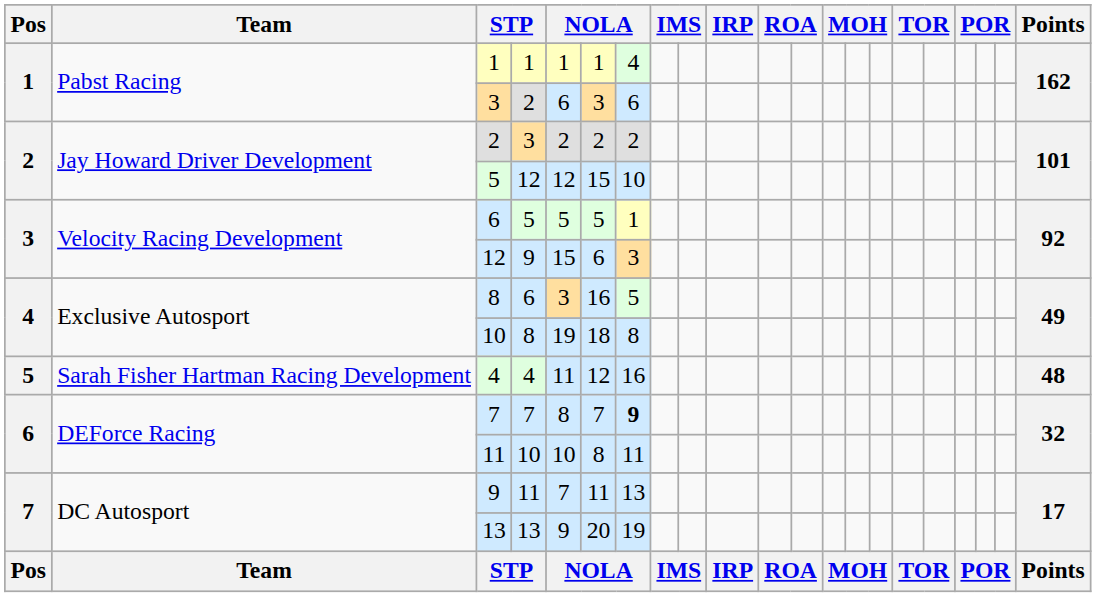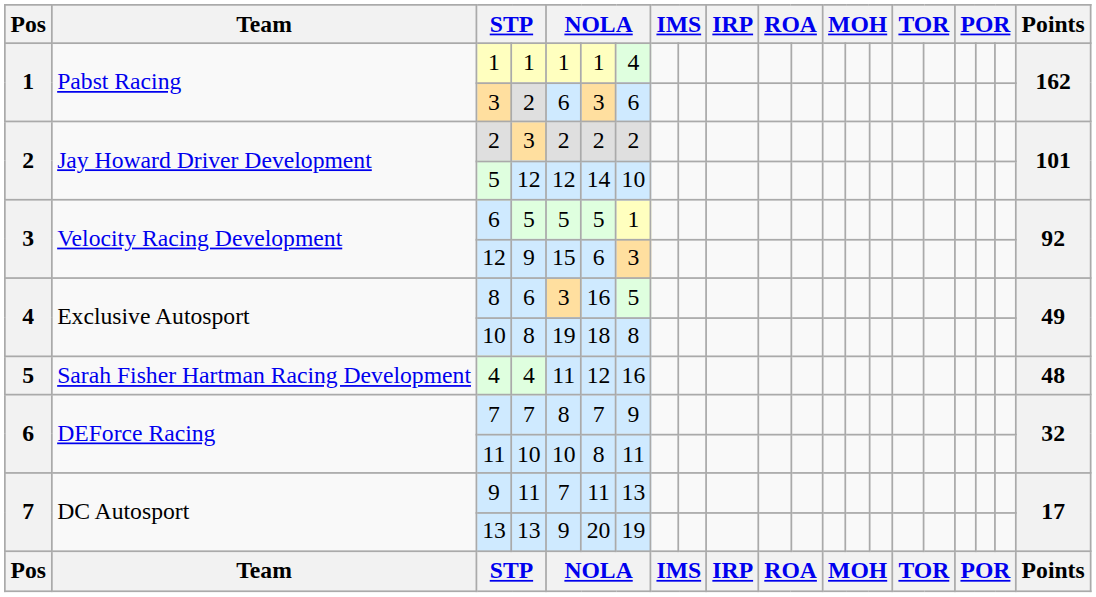 <table class="wikitable" style="font-size:85%; text-align:center">
 <tr>
 <th valign="middle">Pos</th>
 <th valign="middle">Team</th>
 <th colspan="2"><a href='#'>STP</a></th>
 <th colspan="3"><a href='#'>NOLA</a></th>
 <th colspan="2"><a href='#'>IMS</a></th>
 <th><a href='#'>IRP</a></th>
 <th colspan="2"><a href='#'>ROA</a></th>
 <th colspan="3"><a href='#'>MOH</a></th>
 <th colspan="2"><a href='#'>TOR</a></th>
 <th colspan="3"><a href='#'>POR</a></th>
 <th>Points</th>
 </tr>
 <tr>
 <th rowspan="2">1</th>
 <td rowspan="2" align="left"><a href='#'>Pabst Racing</a></td>
 <td style="background:#FFFFBF;">1</td>
 <td style="background:#FFFFBF;">1</td>
 <td style="background:#FFFFBF;">1</td>
 <td style="background:#FFFFBF;">1</td>
 <td style="background:#DFFFDF;">4</td>
 <td></td>
 <td></td>
 <td></td>
 <td></td>
 <td></td>
 <td></td>
 <td></td>
 <td></td>
 <td></td>
 <td></td>
 <td></td>
 <td></td>
 <td></td>
 <th rowspan="2">162</th>
 </tr>
 <tr>
 <td style="background:#FFDF9F;">3</td>
 <td style="background:#DFDFDF;">2</td>
 <td style="background:#CFEAFF;">6</td>
 <td style="background:#FFDF9F;">3</td>
 <td style="background:#CFEAFF;">6</td>
 <td></td>
 <td></td>
 <td></td>
 <td></td>
 <td></td>
 <td></td>
 <td></td>
 <td></td>
 <td></td>
 <td></td>
 <td></td>
 <td></td>
 <td></td>
 </tr>
 <tr>
 <th rowspan="2">2</th>
 <td rowspan="2" align="left"><a href='#'>Jay Howard Driver Development</a></td>
 <td style="background:#DFDFDF;">2</td>
 <td style="background:#FFDF9F;">3</td>
 <td style="background:#DFDFDF;'">2</td>
 <td style="background:#DFDFDF;'">2</td>
 <td style="background:#DFDFDF;'">2</td>
 <td></td>
 <td></td>
 <td></td>
 <td></td>
 <td></td>
 <td></td>
 <td></td>
 <td></td>
 <td></td>
 <td></td>
 <td></td>
 <td></td>
 <td></td>
 <th rowspan="2">101</th>
 </tr>
 <tr>
 <td style="background:#DFFFDF;">5</td>
 <td style="background:#CFEAFF;">12</td>
 <td style="background:#CFEAFF;">12</td>
-<td style="background:#CFEAFF;">15</td>
+<td style="background:#CFEAFF;">14</td>
 <td style="background:#CFEAFF;">10</td>
 <td></td>
 <td></td>
 <td></td>
 <td></td>
 <td></td>
 <td></td>
 <td></td>
 <td></td>
 <td></td>
 <td></td>
 <td></td>
 <td></td>
 <td></td>
 </tr>
 <tr>
 <th rowspan="2">3</th>
 <td rowspan="2" align="left"><a href='#'>Velocity Racing Development</a></td>
 <td style="background:#CFEAFF;">6</td>
 <td style="background:#DFFFDF;">5</td>
 <td style="background:#DFFFDF;">5</td>
 <td style="background:#DFFFDF;">5</td>
 <td style="background:#FFFFBF;">1</td>
 <td></td>
 <td></td>
 <td></td>
 <td></td>
 <td></td>
 <td></td>
 <td></td>
 <td></td>
 <td></td>
 <td></td>
 <td></td>
 <td></td>
 <td></td>
 <th rowspan="2">92</th>
 </tr>
 <tr>
 <td style="background:#CFEAFF;">12</td>
 <td style="background:#CFEAFF;">9</td>
 <td style="background:#CFEAFF;">15</td>
 <td style="background:#CFEAFF;">6</td>
 <td style="background:#FFDF9F;">3</td>
 <td></td>
 <td></td>
 <td></td>
 <td></td>
 <td></td>
 <td></td>
 <td></td>
 <td></td>
 <td></td>
 <td></td>
 <td></td>
 <td></td>
 <td></td>
 </tr>
 <tr>
 <th rowspan="2">4</th>
 <td rowspan="2" align="left">Exclusive Autosport</td>
 <td style="background:#CFEAFF;">8</td>
 <td style="background:#CFEAFF;">6</td>
 <td style="background:#FFDF9F;">3</td>
 <td style="background:#CFEAFF;">16</td>
 <td style="background:#DFFFDF;">5</td>
 <td></td>
 <td></td>
 <td></td>
 <td></td>
 <td></td>
 <td></td>
 <td></td>
 <td></td>
 <td></td>
 <td></td>
 <td></td>
 <td></td>
 <td></td>
 <th rowspan="2">49</th>
 </tr>
 <tr>
 <td style="background:#CFEAFF;">10</td>
 <td style="background:#CFEAFF;">8</td>
 <td style="background:#CFEAFF;">19</td>
 <td style="background:#CFEAFF;">18</td>
 <td style="background:#CFEAFF;">8</td>
 <td></td>
 <td></td>
 <td></td>
 <td></td>
 <td></td>
 <td></td>
 <td></td>
 <td></td>
 <td></td>
 <td></td>
 <td></td>
 <td></td>
 <td></td>
 </tr>
 <tr>
 <th>5</th>
 <td align="left"><a href='#'>Sarah Fisher Hartman Racing Development</a></td>
 <td style="background:#DFFFDF;">4</td>
 <td style="background:#DFFFDF;">4</td>
 <td style="background:#CFEAFF;">11</td>
 <td style="background:#CFEAFF;">12</td>
 <td style="background:#CFEAFF;">16</td>
 <td></td>
 <td></td>
 <td></td>
 <td></td>
 <td></td>
 <td></td>
 <td></td>
 <td></td>
 <td></td>
 <td></td>
 <td></td>
 <td></td>
 <td></td>
 <th>48</th>
 </tr>
 <tr>
 <th rowspan="2">6</th>
 <td rowspan="2" align="left"><a href='#'>DEForce Racing</a></td>
 <td style="background:#CFEAFF;">7</td>
 <td style="background:#CFEAFF;">7</td>
 <td style="background:#CFEAFF;">8</td>
 <td style="background:#CFEAFF;">7</td>
-<td style="background:#CFEAFF;"><strong>9</strong></td>
+<td style="background:#CFEAFF;">9</td>
 <td></td>
 <td></td>
 <td></td>
 <td></td>
 <td></td>
 <td></td>
 <td></td>
 <td></td>
 <td></td>
 <td></td>
 <td></td>
 <td></td>
 <td></td>
 <th rowspan="2">32</th>
 </tr>
 <tr>
 <td style="background:#CFEAFF;">11</td>
 <td style="background:#CFEAFF;">10</td>
 <td style="background:#CFEAFF;">10</td>
 <td style="background:#CFEAFF;">8</td>
 <td style="background:#CFEAFF;">11</td>
 <td></td>
 <td></td>
 <td></td>
 <td></td>
 <td></td>
 <td></td>
 <td></td>
 <td></td>
 <td></td>
 <td></td>
 <td></td>
 <td></td>
 <td></td>
 </tr>
 <tr>
 <th rowspan="2">7</th>
 <td rowspan="2" align="left">DC Autosport</td>
 <td style="background:#CFEAFF;">9</td>
 <td style="background:#CFEAFF;">11</td>
 <td style="background:#CFEAFF;">7</td>
 <td style="background:#CFEAFF;">11</td>
 <td style="background:#CFEAFF;">13</td>
 <td></td>
 <td></td>
 <td></td>
 <td></td>
 <td></td>
 <td></td>
 <td></td>
 <td></td>
 <td></td>
 <td></td>
 <td></td>
 <td></td>
 <td></td>
 <th rowspan="2">17</th>
 </tr>
 <tr>
 <td style="background:#CFEAFF;">13</td>
 <td style="background:#CFEAFF;">13</td>
 <td style="background:#CFEAFF;">9</td>
 <td style="background:#CFEAFF;">20</td>
 <td style="background:#CFEAFF;">19</td>
 <td></td>
 <td></td>
 <td></td>
 <td></td>
 <td></td>
 <td></td>
 <td></td>
 <td></td>
 <td></td>
 <td></td>
 <td></td>
 <td></td>
 <td></td>
 </tr>
 <tr>
 <th>Pos</th>
 <th>Team</th>
 <th colspan="2"><a href='#'>STP</a></th>
 <th colspan="3"><a href='#'>NOLA</a></th>
 <th colspan="2"><a href='#'>IMS</a></th>
 <th><a href='#'>IRP</a></th>
 <th colspan="2"><a href='#'>ROA</a></th>
 <th colspan="3"><a href='#'>MOH</a></th>
 <th colspan="2"><a href='#'>TOR</a></th>
 <th colspan="3"><a href='#'>POR</a></th>
 <th>Points</th>
 </tr>
 </table>
